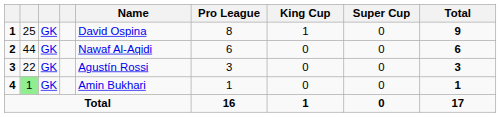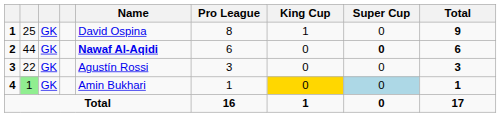 <table class="wikitable" style="text-align:center">
 <tr>
 <th width=15></th>
 <th width=15></th>
 <th width=15></th>
 <th width=15></th>
 <th width=155>Name</th>
 <th width=100>Pro League</th>
 <th width=100>King Cup</th>
 <th width=100>Super Cup</th>
 <th width=100>Total</th>
 </tr>
 <tr>
 <td><strong>1</strong></td>
 <td>25</td>
 <td><a href='#'>GK</a></td>
 <td></td>
 <td align=left><a href='#'>David Ospina</a></td>
 <td>8</td>
 <td>1</td>
 <td>0</td>
 <td><strong>9</strong></td>
 </tr>
 <tr>
 <td><strong>2</strong></td>
 <td>44</td>
 <td><a href='#'>GK</a></td>
 <td></td>
-<td align=left><a href='#'>Nawaf Al-Aqidi</a></td>
+<td align=left><strong><a href='#'>Nawaf Al-Aqidi</a></strong></td>
 <td>6</td>
 <td>0</td>
-<td>0</td>
+<td><strong>0</strong></td>
 <td><strong>6</strong></td>
 </tr>
 <tr>
 <td><strong>3</strong></td>
 <td>22</td>
 <td><a href='#'>GK</a></td>
 <td></td>
 <td align=left><a href='#'>Agustín Rossi</a></td>
 <td>3</td>
 <td>0</td>
 <td>0</td>
 <td><strong>3</strong></td>
 </tr>
 <tr>
 <td><strong>4</strong></td>
 <td style="background: lightgreen;">1</td>
 <td><a href='#'>GK</a></td>
 <td></td>
 <td align=left><a href='#'>Amin Bukhari</a></td>
 <td>1</td>
-<td>0</td>
-<td>0</td>
+<td style="background: gold;">0</td>
+<td style="background: lightblue;">0</td>
 <td><strong>1</strong></td>
 </tr>
 <tr>
 <td colspan=5><strong>Total</strong></td>
 <td><strong>16</strong></td>
 <td><strong>1</strong></td>
 <td><strong>0</strong></td>
 <td><strong>17</strong></td>
 </tr>
 </table>
